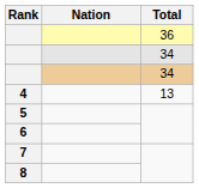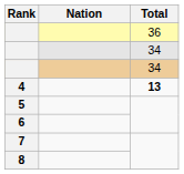 <table class="wikitable sortable" style="text-align:center;">
 <tr>
 <th scope="col" style="width:25px;">Rank</th>
 <th ! scope="col" style="width:120px;">Nation</th>
 <th ! scope="col" style="width:60px;">Total</th>
 </tr>
 <tr bgcolor=fffcaf>
 <th scope=row></th>
 <td align=left></td>
 <td>36</td>
 </tr>
 <tr bgcolor=e5e5e5>
 <th scope=row></th>
 <td align=left></td>
 <td>34</td>
 </tr>
 <tr bgcolor=eecc99>
 <th scope=row></th>
 <td align=left></td>
 <td>34</td>
 </tr>
 <tr>
 <th scope=row>4</th>
 <td align=left></td>
-<td>13</td>
+<td><strong>13</strong></td>
 </tr>
 <tr>
 <th scope=row>5</th>
 <td align=left></td>
 <td rowspan=2></td>
 </tr>
 <tr>
 <th scope=row>6</th>
 <td align=left></td>
 </tr>
 <tr>
 <th scope=row>7</th>
 <td align=left></td>
 <td rowspan=2></td>
 </tr>
 <tr>
 <th scope=row>8</th>
 <td align=left></td>
 </tr>
 </table>
